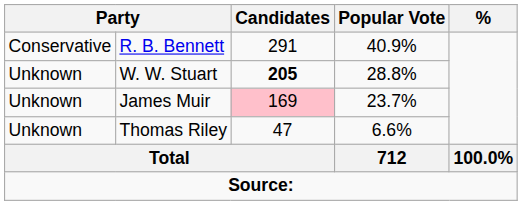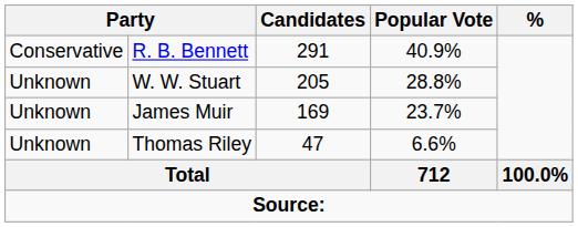 <table class="wikitable">
 <tr>
 <th colspan="2">Party</th>
 <th>Candidates</th>
 <th>Popular Vote</th>
 <th>%</th>
 </tr>
 <tr>
 <td>Conservative</td>
 <td> <a href='#'>R. B. Bennett</a></td>
 <td align=center>291</td>
 <td align=center>40.9%</td>
 </tr>
 <tr>
 <td>Unknown</td>
 <td>W. W. Stuart</td>
-<td align=center><strong>205</strong></td>
+<td align=center>205</td>
 <td align=center>28.8%</td>
 </tr>
 <tr>
 <td>Unknown</td>
 <td>James Muir</td>
-<td align=center style="background: pink;">169</td>
+<td align=center>169</td>
 <td align=center>23.7%</td>
 </tr>
 <tr>
 <td>Unknown</td>
 <td>Thomas Riley</td>
 <td align=center>47</td>
 <td align=center>6.6%</td>
 </tr>
 <tr>
 <th colspan=3>Total</th>
 <th>712</th>
 <th>100.0%</th>
 </tr>
 <tr>
 <td align=center colspan=5><strong>Source:</strong> </td>
 </tr>
 </table>
